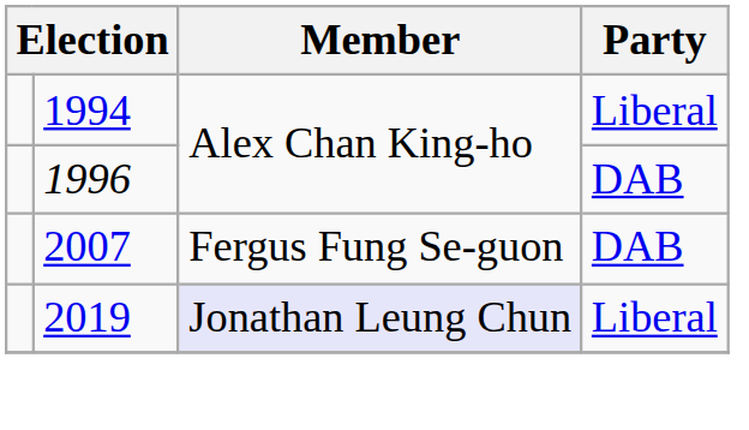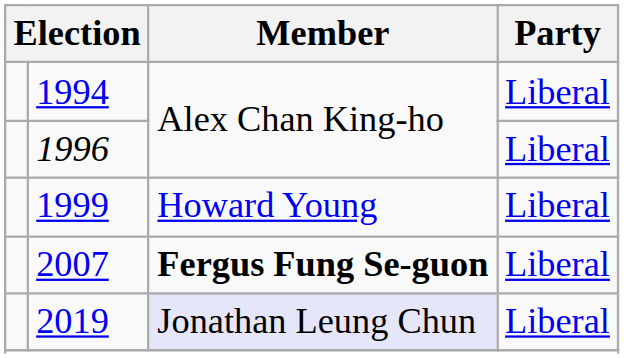 <table class="wikitable">
 <tr>
 <th colspan="2">Election</th>
 <th>Member</th>
 <th>Party</th>
 </tr>
 <tr>
 <td style="background-color: "></td>
 <td><a href='#'>1994</a></td>
 <td rowspan=2>Alex Chan King-ho</td>
 <td><a href='#'>Liberal</a></td>
 </tr>
 <tr>
 <td style="background-color: "></td>
 <td><em>1996</em></td>
-<td><a href='#'>DAB</a></td>
+<td><a href='#'>Liberal</a></td>
+</tr>
+<tr>
+<td style="background-color: "></td>
+<td><a href='#'>1999</a></td>
+<td><a href='#'>Howard Young</a></td>
+<td><a href='#'>Liberal</a></td>
 </tr>
 <tr>
 <td style="background-color: "></td>
 <td><a href='#'>2007</a></td>
-<td>Fergus Fung Se-guon</td>
-<td><a href='#'>DAB</a></td>
+<td><strong>Fergus Fung Se-guon</strong></td>
+<td><a href='#'>Liberal</a></td>
 </tr>
 <tr>
 <td style="background-color: "></td>
 <td><a href='#'>2019</a></td>
 <td style="background: lavender;">Jonathan Leung Chun</td>
 <td><a href='#'>Liberal</a></td>
 </tr>
 <tr>
 </tr>
 <tr>
 </tr>
 </table>
